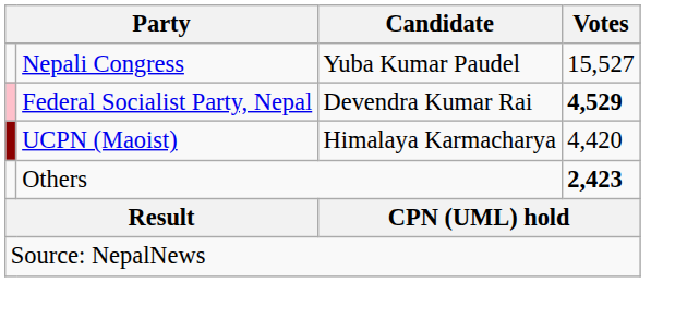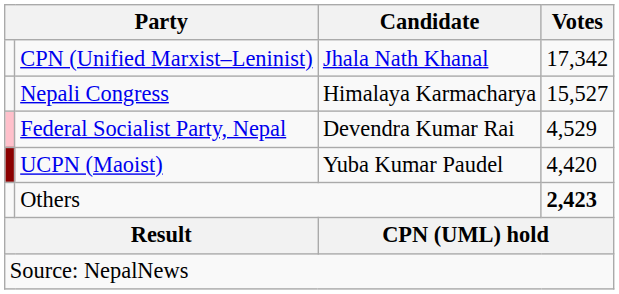 <table class="wikitable">
 <tr>
 <th colspan="2">Party</th>
 <th>Candidate</th>
 <th>Votes</th>
 </tr>
 <tr>
 <td style="background-color:"></td>
+<td><a href='#'>CPN (Unified Marxist–Leninist)</a></td>
+<td><a href='#'>Jhala Nath Khanal</a></td>
+<td>17,342</td>
+</tr>
+<tr>
+<td style="background-color:"></td>
 <td><a href='#'>Nepali Congress</a></td>
-<td>Yuba Kumar Paudel</td>
+<td>Himalaya Karmacharya</td>
 <td>15,527</td>
 </tr>
 <tr>
 <td style="background-color:#ffc0cb"></td>
 <td><a href='#'>Federal Socialist Party, Nepal</a></td>
 <td>Devendra Kumar Rai</td>
-<td><strong>4,529</strong></td>
+<td>4,529</td>
 </tr>
 <tr>
 <td style="background-color:darkred"></td>
 <td><a href='#'>UCPN (Maoist)</a></td>
-<td>Himalaya Karmacharya</td>
+<td>Yuba Kumar Paudel</td>
 <td>4,420</td>
 </tr>
 <tr>
 <td></td>
 <td colspan="2">Others</td>
 <td><strong>2,423</strong></td>
 </tr>
 <tr>
 <th colspan="2">Result</th>
 <th colspan="2">CPN (UML) hold</th>
 </tr>
 <tr>
 <td colspan="4">Source: NepalNews</td>
 </tr>
 </table>
